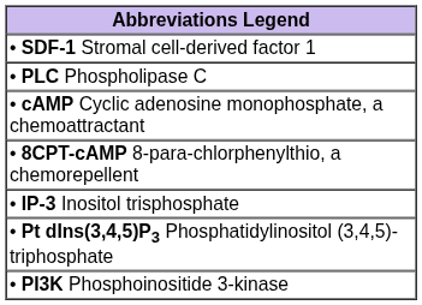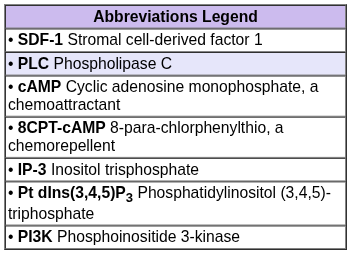 <table align=left border=1 width=350 cellpadding=2 cellspacing=0 class=toccolours style="margin-right:2.0em;">
 <tr>
 <th align=center style="background:#CCBBEE">Abbreviations Legend</th>
 </tr>
 <tr>
 <td>• <strong>SDF-1</strong> Stromal cell-derived factor 1</td>
 </tr>
 <tr>
-<td>• <strong>PLC</strong> Phospholipase C</td>
+<td style="background: lavender;">• <strong>PLC</strong> Phospholipase C</td>
 </tr>
 <tr>
 <td>• <strong>cAMP</strong> Cyclic adenosine monophosphate, a chemoattractant</td>
 </tr>
 <tr>
 <td>• <strong>8CPT-cAMP</strong>  8-para-chlorphenylthio, a chemorepellent</td>
 </tr>
 <tr>
 <td>• <strong>IP-3</strong>  Inositol trisphosphate</td>
 </tr>
 <tr>
 <td>• <strong>Pt dIns(3,4,5)P<sub>3</sub></strong> Phosphatidylinositol (3,4,5)-triphosphate</td>
 </tr>
 <tr>
 <td>• <strong>PI3K</strong> Phosphoinositide 3-kinase</td>
 </tr>
 <tr>
 </tr>
 </table>
